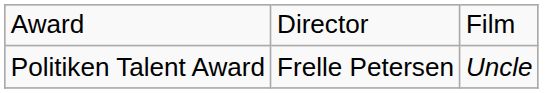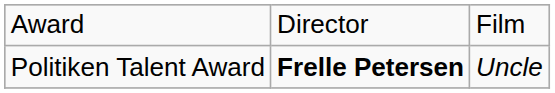 <table class="wikitable">
 <tr>
 <td>Award</td>
 <td>Director</td>
 <td>Film</td>
 </tr>
 <tr>
 <td>Politiken Talent Award</td>
-<td>Frelle Petersen</td>
+<td><strong>Frelle Petersen</strong></td>
 <td><em>Uncle</em></td>
 </tr>
 </table>
